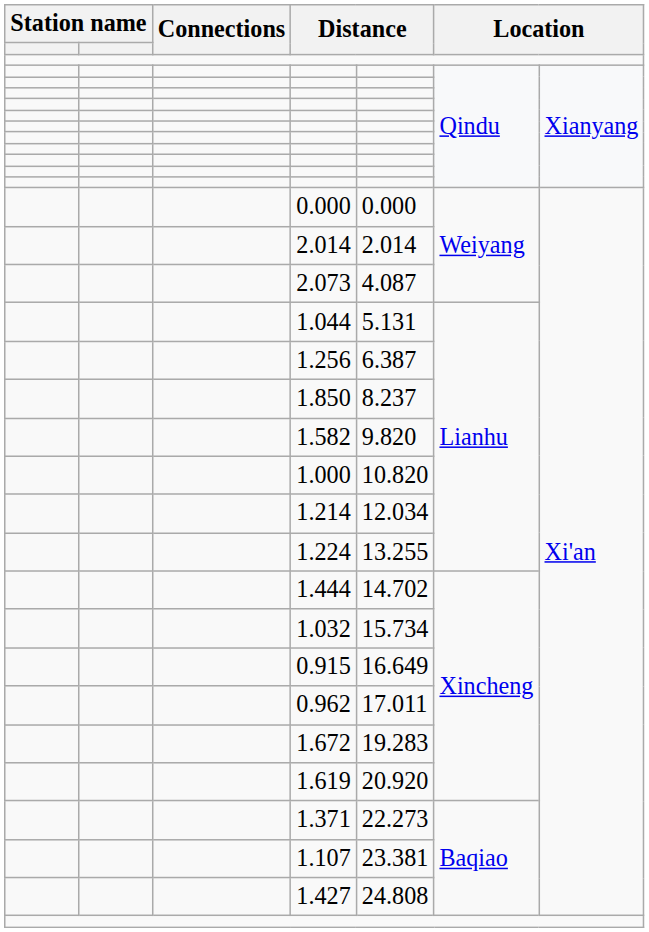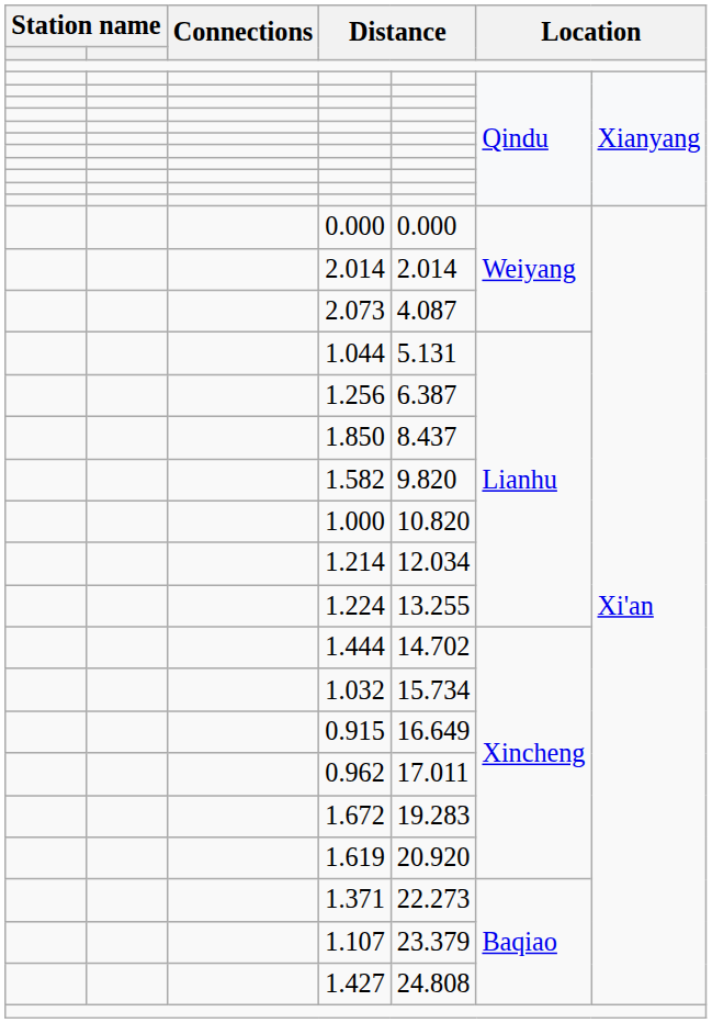 <table class="wikitable">
 <tr>
 <th colspan="2">Station name</th>
 <th rowspan="2">Connections</th>
 <th colspan="2" rowspan="2">Distance<br></th>
 <th colspan="2" rowspan="2">Location</th>
 </tr>
 <tr>
 <th></th>
 <th></th>
 </tr>
 <tr style="background:#">
 <td colspan = "7"></td>
 </tr>
 <tr>
 <td></td>
 <td></td>
 <td></td>
 <td></td>
 <td></td>
 <td bgcolor=#F8F9FA rowspan="11"><a href='#'>Qindu</a></td>
 <td bgcolor=#F8F9FA rowspan="11"><a href='#'>Xianyang</a></td>
 </tr>
 <tr>
 <td></td>
 <td></td>
 <td></td>
 <td></td>
 <td></td>
 </tr>
 <tr>
 <td></td>
 <td></td>
 <td></td>
 <td></td>
 <td></td>
 </tr>
 <tr>
 <td></td>
 <td></td>
 <td></td>
 <td></td>
 <td></td>
 </tr>
 <tr>
 <td></td>
 <td></td>
 <td></td>
 <td></td>
 <td></td>
 </tr>
 <tr>
 <td></td>
 <td></td>
 <td></td>
 <td></td>
 <td></td>
 </tr>
 <tr>
 <td></td>
 <td></td>
 <td></td>
 <td></td>
 <td></td>
 </tr>
 <tr>
 <td></td>
 <td></td>
 <td></td>
 <td></td>
 <td></td>
 </tr>
 <tr>
 <td></td>
 <td></td>
 <td></td>
 <td></td>
 <td></td>
 </tr>
 <tr>
 <td></td>
 <td></td>
 <td></td>
 <td></td>
 <td></td>
 </tr>
 <tr>
 <td></td>
 <td></td>
 <td></td>
 <td></td>
 <td></td>
 </tr>
 <tr>
 <td></td>
 <td></td>
 <td></td>
 <td>0.000</td>
 <td>0.000</td>
 <td rowspan="3"><a href='#'>Weiyang</a></td>
 <td rowspan="19"><a href='#'>Xi'an</a></td>
 </tr>
 <tr>
 <td></td>
 <td></td>
 <td></td>
 <td>2.014</td>
 <td>2.014</td>
 </tr>
 <tr>
 <td></td>
 <td></td>
 <td></td>
 <td>2.073</td>
 <td>4.087</td>
 </tr>
 <tr>
 <td></td>
 <td></td>
 <td></td>
 <td>1.044</td>
 <td>5.131</td>
 <td rowspan="7"><a href='#'>Lianhu</a></td>
 </tr>
 <tr>
 <td></td>
 <td></td>
 <td></td>
 <td>1.256</td>
 <td>6.387</td>
 </tr>
 <tr>
 <td></td>
 <td></td>
 <td></td>
 <td>1.850</td>
-<td>8.237</td>
+<td>8.437</td>
 </tr>
 <tr>
 <td></td>
 <td></td>
 <td></td>
 <td>1.582</td>
 <td>9.820</td>
 </tr>
 <tr>
 <td></td>
 <td></td>
 <td></td>
 <td>1.000</td>
 <td>10.820</td>
 </tr>
 <tr>
 <td></td>
 <td></td>
 <td></td>
 <td>1.214</td>
 <td>12.034</td>
 </tr>
 <tr>
 <td></td>
 <td></td>
 <td></td>
 <td>1.224</td>
 <td>13.255</td>
 </tr>
 <tr>
 <td></td>
 <td></td>
 <td></td>
 <td>1.444</td>
 <td>14.702</td>
 <td rowspan="6"><a href='#'>Xincheng</a></td>
 </tr>
 <tr>
 <td></td>
 <td></td>
 <td></td>
 <td>1.032</td>
 <td>15.734</td>
 </tr>
 <tr>
 <td></td>
 <td></td>
 <td></td>
 <td>0.915</td>
 <td>16.649</td>
 </tr>
 <tr>
 <td></td>
 <td></td>
 <td></td>
 <td>0.962</td>
 <td>17.011</td>
 </tr>
 <tr>
 <td></td>
 <td></td>
 <td></td>
 <td>1.672</td>
 <td>19.283</td>
 </tr>
 <tr>
 <td></td>
 <td></td>
 <td></td>
 <td>1.619</td>
 <td>20.920</td>
 </tr>
 <tr>
 <td></td>
 <td></td>
 <td></td>
 <td>1.371</td>
 <td>22.273</td>
 <td rowspan="3"><a href='#'>Baqiao</a></td>
 </tr>
 <tr>
 <td></td>
 <td></td>
 <td></td>
 <td>1.107</td>
-<td>23.381</td>
+<td>23.379</td>
 </tr>
 <tr>
 <td></td>
 <td></td>
 <td> </td>
 <td>1.427</td>
 <td>24.808</td>
 </tr>
 <tr style="background:#">
 <td colspan = "7"></td>
 </tr>
 </table>
